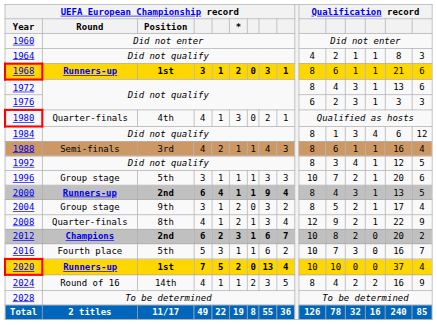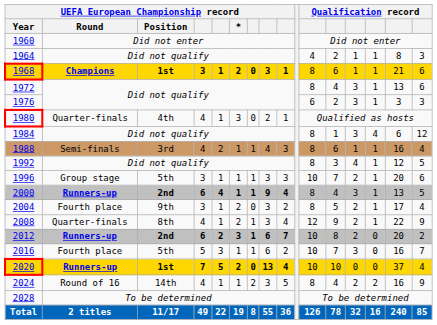 <table class="wikitable" style="text-align:center">
 <tr>
 <th colspan=9><a href='#'>UEFA European Championship</a> record</th>
 <th style="width:1%" rowspan="39"></th>
 <th colspan=6><a href='#'>Qualification</a> record</th>
 </tr>
 <tr>
 <th>Year</th>
 <th>Round</th>
 <th>Position</th>
 <th></th>
 <th></th>
 <th>*</th>
 <th></th>
 <th></th>
 <th></th>
 <th></th>
 <th></th>
 <th></th>
 <th></th>
 <th></th>
 <th></th>
 </tr>
 <tr>
 <td> <a href='#'>1960</a></td>
 <td colspan=8><em>Did not enter</em></td>
 <td colspan=6><em>Did not enter</em></td>
 </tr>
 <tr>
 <td> <a href='#'>1964</a></td>
 <td colspan=8><em>Did not qualify</em></td>
 <td>4</td>
 <td>2</td>
 <td>1</td>
 <td>1</td>
 <td>8</td>
 <td>3</td>
 </tr>
 <tr style="background:gold">
 <td style="border:3px solid red"> <a href='#'>1968</a></td>
-<td><strong><a href='#'>Runners-up</a></strong></td>
+<td><strong><a href='#'>Champions</a></strong></td>
 <td><strong>1st</strong></td>
 <td><strong>3</strong></td>
 <td><strong>1</strong></td>
 <td><strong>2</strong></td>
 <td><strong>0</strong></td>
 <td><strong>3</strong></td>
 <td><strong>1</strong></td>
 <td>8</td>
 <td>6</td>
 <td>1</td>
 <td>1</td>
 <td>21</td>
 <td>6</td>
 </tr>
 <tr>
 <td> <a href='#'>1972</a></td>
 <td colspan=8 rowspan=2><em>Did not qualify</em></td>
 <td>8</td>
 <td>4</td>
 <td>3</td>
 <td>1</td>
 <td>13</td>
 <td>6</td>
 </tr>
 <tr>
 <td> <a href='#'>1976</a></td>
 <td>6</td>
 <td>2</td>
 <td>3</td>
 <td>1</td>
 <td>3</td>
 <td>3</td>
 </tr>
 <tr>
 <td style="border:3px solid red"> <a href='#'>1980</a></td>
 <td>Quarter-finals</td>
 <td>4th</td>
 <td>4</td>
 <td>1</td>
 <td>3</td>
 <td>0</td>
 <td>2</td>
 <td>1</td>
 <td colspan=6><em>Qualified as hosts</em></td>
 </tr>
 <tr>
 <td> <a href='#'>1984</a></td>
 <td colspan=8><em>Did not qualify</em></td>
 <td>8</td>
 <td>1</td>
 <td>3</td>
 <td>4</td>
 <td>6</td>
 <td>12</td>
 </tr>
 <tr style="background:#cc9966">
 <td> <a href='#'>1988</a></td>
 <td>Semi-finals</td>
 <td>3rd</td>
 <td>4</td>
 <td>2</td>
 <td>1</td>
 <td>1</td>
 <td>4</td>
 <td>3</td>
 <td>8</td>
 <td>6</td>
 <td>1</td>
 <td>1</td>
 <td>16</td>
 <td>4</td>
 </tr>
 <tr>
 <td> <a href='#'>1992</a></td>
 <td colspan=8><em>Did not qualify</em></td>
 <td>8</td>
 <td>3</td>
 <td>4</td>
 <td>1</td>
 <td>12</td>
 <td>5</td>
 </tr>
 <tr>
 <td> <a href='#'>1996</a></td>
 <td>Group stage</td>
 <td>5th</td>
 <td>3</td>
 <td>1</td>
 <td>1</td>
 <td>1</td>
 <td>3</td>
 <td>3</td>
 <td>10</td>
 <td>7</td>
 <td>2</td>
 <td>1</td>
 <td>20</td>
 <td>6</td>
 </tr>
 <tr style="background:silver">
 <td>  <a href='#'>2000</a></td>
 <td><strong><a href='#'>Runners-up</a></strong></td>
 <td><strong>2nd</strong></td>
 <td><strong>6</strong></td>
 <td><strong>4</strong></td>
 <td><strong>1</strong></td>
 <td><strong>1</strong></td>
 <td><strong>9</strong></td>
 <td><strong>4</strong></td>
 <td>8</td>
 <td>4</td>
 <td>3</td>
 <td>1</td>
 <td>13</td>
 <td>5</td>
 </tr>
 <tr>
 <td> <a href='#'>2004</a></td>
-<td>Group stage</td>
+<td>Fourth place</td>
 <td>9th</td>
 <td>3</td>
 <td>1</td>
 <td>2</td>
 <td>0</td>
 <td>3</td>
 <td>2</td>
 <td>8</td>
 <td>5</td>
 <td>2</td>
 <td>1</td>
 <td>17</td>
 <td>4</td>
 </tr>
 <tr>
 <td>  <a href='#'>2008</a></td>
 <td>Quarter-finals</td>
 <td>8th</td>
 <td>4</td>
 <td>1</td>
 <td>2</td>
 <td>1</td>
 <td>3</td>
 <td>4</td>
 <td>12</td>
 <td>9</td>
 <td>2</td>
 <td>1</td>
 <td>22</td>
 <td>9</td>
 </tr>
 <tr style="background:silver">
 <td>  <a href='#'>2012</a></td>
-<td><strong><a href='#'>Champions</a></strong></td>
+<td><strong><a href='#'>Runners-up</a></strong></td>
 <td><strong>2nd</strong></td>
 <td><strong>6</strong></td>
 <td><strong>2</strong></td>
 <td><strong>3</strong></td>
 <td><strong>1</strong></td>
 <td><strong>6</strong></td>
 <td><strong>7</strong></td>
 <td>10</td>
 <td>8</td>
 <td>2</td>
 <td>0</td>
 <td>20</td>
 <td>2</td>
 </tr>
 <tr>
 <td> <a href='#'>2016</a></td>
 <td>Fourth place</td>
 <td>5th</td>
 <td>5</td>
 <td>3</td>
 <td>1</td>
 <td>1</td>
 <td>6</td>
 <td>2</td>
 <td>10</td>
 <td>7</td>
 <td>3</td>
 <td>0</td>
 <td>16</td>
 <td>7</td>
 </tr>
 <tr style="background:gold">
 <td style="border:3px solid red"> <a href='#'>2020</a></td>
 <td><strong><a href='#'>Runners-up</a></strong></td>
 <td><strong>1st</strong></td>
 <td><strong>7</strong></td>
 <td><strong>5</strong></td>
 <td><strong>2</strong></td>
 <td><strong>0</strong></td>
 <td><strong>13</strong></td>
 <td><strong>4</strong></td>
 <td>10</td>
 <td>10</td>
 <td>0</td>
 <td>0</td>
 <td>37</td>
 <td>4</td>
 </tr>
 <tr>
 <td> <a href='#'>2024</a></td>
 <td>Round of 16</td>
 <td>14th</td>
 <td>4</td>
 <td>1</td>
 <td>1</td>
 <td>2</td>
 <td>3</td>
 <td>5</td>
 <td>8</td>
 <td>4</td>
 <td>2</td>
 <td>2</td>
 <td>16</td>
 <td>9</td>
 </tr>
 <tr>
 <td>  <a href='#'>2028</a></td>
 <td colspan=8><em>To be determined</em></td>
 <td colspan=8><em>To be determined</em></td>
 </tr>
 <tr style="color:white">
 <th style="background:#0066bc">Total</th>
 <th style="background:#0066bc">2 titles</th>
 <th style="background:#0066bc">11/17</th>
 <th style="background:#0066bc">49</th>
 <th style="background:#0066bc">22</th>
 <th style="background:#0066bc">19</th>
 <th style="background:#0066bc">8</th>
 <th style="background:#0066bc">55</th>
 <th style="background:#0066bc">36</th>
 <th style="background:#0066bc">126</th>
 <th style="background:#0066bc">78</th>
 <th style="background:#0066bc">32</th>
 <th style="background:#0066bc">16</th>
 <th style="background:#0066bc">240</th>
 <th style="background:#0066bc">85</th>
 </tr>
 </table>
